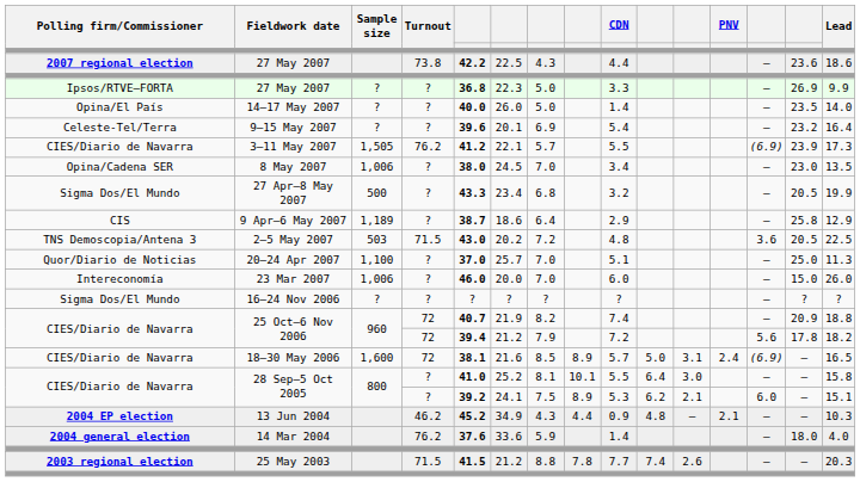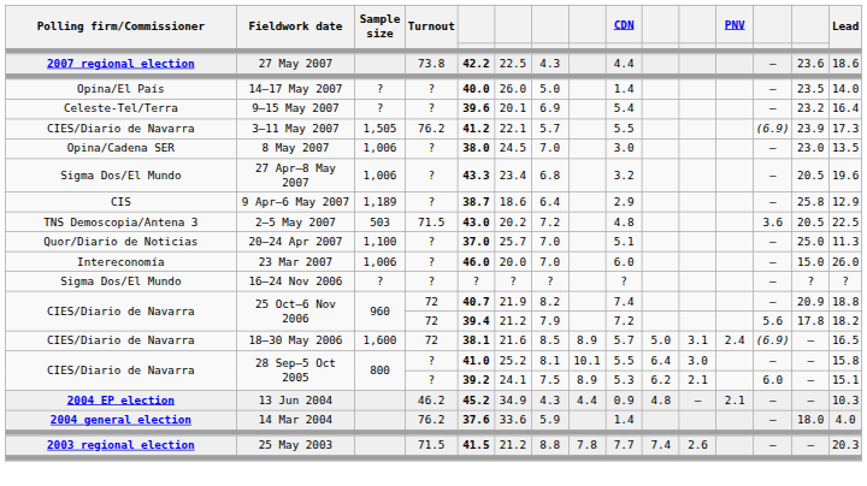 <table class="wikitable collapsible collapsed" style="text-align:center; font-size:95%; line-height:16px;">
 <tr style="height:42px;">
 <th style="width:250px;" rowspan="2">Polling firm/Commissioner</th>
 <th style="width:125px;" rowspan="2">Fieldwork date</th>
 <th style="width:50px;" rowspan="2">Sample size</th>
 <th style="width:45px;" rowspan="2">Turnout</th>
 <th style="width:35px;"></th>
 <th style="width:35px;"></th>
 <th style="width:35px;"></th>
 <th style="width:35px;"></th>
 <th style="width:35px;"><a href='#'>CDN</a></th>
 <th style="width:35px;"></th>
 <th style="width:35px;"></th>
 <th style="width:35px;"><a href='#'>PNV</a></th>
 <th style="width:35px;"><br></th>
 <th style="width:35px;"></th>
 <th style="width:30px;" rowspan="2">Lead</th>
 </tr>
 <tr>
 <th style="color:inherit;background:"></th>
 <th style="color:inherit;background:"></th>
 <th style="color:inherit;background:"></th>
 <th style="color:inherit;background:"></th>
 <th style="color:inherit;background:"></th>
 <th style="color:inherit;background:"></th>
 <th style="color:inherit;background:"></th>
 <th style="color:inherit;background:"></th>
 <th style="color:inherit;background:"></th>
 <th style="color:inherit;background:"></th>
 </tr>
 <tr>
 <td colspan="15" style="background:#A0A0A0"></td>
 </tr>
 <tr style="background:#EFEFEF;">
 <td><strong><a href='#'>2007 regional election</a></strong></td>
 <td>27 May 2007</td>
 <td></td>
 <td>73.8</td>
 <td><strong>42.2</strong><br></td>
 <td>22.5<br></td>
 <td>4.3<br></td>
 <td></td>
 <td>4.4<br></td>
 <td></td>
 <td></td>
 <td></td>
 <td>–</td>
 <td>23.6<br></td>
 <td style="background:">18.6</td>
 </tr>
 <tr>
 <td colspan="15" style="background:#A0A0A0"></td>
-</tr>
-<tr style="background:#EAFFEA;">
-<td>Ipsos/RTVE–FORTA</td>
-<td>27 May 2007</td>
-<td>?</td>
-<td>?</td>
-<td><strong>36.8</strong><br></td>
-<td>22.3<br></td>
-<td>5.0<br></td>
-<td></td>
-<td>3.3<br></td>
-<td></td>
-<td></td>
-<td></td>
-<td>–</td>
-<td>26.9<br></td>
-<td style="background:">9.9</td>
 </tr>
 <tr>
 <td>Opina/El País</td>
 <td>14–17 May 2007</td>
 <td>?</td>
 <td>?</td>
 <td><strong>40.0</strong><br></td>
 <td>26.0<br></td>
 <td>5.0<br></td>
 <td></td>
 <td>1.4<br></td>
 <td></td>
 <td></td>
 <td></td>
 <td>–</td>
 <td>23.5<br></td>
 <td style="background:">14.0</td>
 </tr>
 <tr>
 <td>Celeste-Tel/Terra</td>
 <td>9–15 May 2007</td>
 <td>?</td>
 <td>?</td>
 <td><strong>39.6</strong><br></td>
 <td>20.1<br></td>
 <td>6.9<br></td>
 <td></td>
 <td>5.4<br></td>
 <td></td>
 <td></td>
 <td></td>
 <td>–</td>
 <td>23.2<br></td>
 <td style="background:">16.4</td>
 </tr>
 <tr>
 <td>CIES/Diario de Navarra</td>
 <td>3–11 May 2007</td>
 <td>1,505</td>
 <td>76.2</td>
 <td><strong>41.2</strong><br></td>
 <td>22.1<br></td>
 <td>5.7<br></td>
 <td></td>
 <td>5.5<br></td>
 <td></td>
 <td></td>
 <td></td>
 <td><em>(6.9)</em></td>
 <td>23.9<br></td>
 <td style="background:">17.3</td>
 </tr>
 <tr>
 <td>Opina/Cadena SER</td>
 <td>8 May 2007</td>
 <td>1,006</td>
 <td>?</td>
 <td><strong>38.0</strong><br></td>
 <td>24.5<br></td>
 <td>7.0<br></td>
 <td></td>
-<td>3.4<br></td>
+<td>3.0<br></td>
 <td></td>
 <td></td>
 <td></td>
 <td>–</td>
 <td>23.0<br></td>
 <td style="background:">13.5</td>
 </tr>
 <tr>
 <td>Sigma Dos/El Mundo</td>
 <td>27 Apr–8 May 2007</td>
-<td>500</td>
+<td>1,006</td>
 <td>?</td>
 <td><strong>43.3</strong><br></td>
 <td>23.4<br></td>
 <td>6.8<br></td>
 <td></td>
 <td>3.2<br></td>
 <td></td>
 <td></td>
 <td></td>
 <td>–</td>
 <td>20.5<br></td>
-<td style="background:">19.9</td>
+<td style="background:">19.6</td>
 </tr>
 <tr>
 <td>CIS</td>
 <td>9 Apr–6 May 2007</td>
 <td>1,189</td>
 <td>?</td>
 <td><strong>38.7</strong><br></td>
 <td>18.6<br></td>
 <td>6.4<br></td>
 <td></td>
 <td>2.9<br></td>
 <td></td>
 <td></td>
 <td></td>
 <td>–</td>
 <td>25.8<br></td>
 <td style="background:">12.9</td>
 </tr>
 <tr>
 <td>TNS Demoscopia/Antena 3</td>
 <td>2–5 May 2007</td>
 <td>503</td>
 <td>71.5</td>
 <td><strong>43.0</strong><br></td>
 <td>20.2<br></td>
 <td>7.2<br></td>
 <td></td>
 <td>4.8<br></td>
 <td></td>
 <td></td>
 <td></td>
 <td>3.6<br></td>
 <td>20.5<br></td>
 <td style="background:">22.5</td>
 </tr>
 <tr>
 <td>Quor/Diario de Noticias</td>
 <td>20–24 Apr 2007</td>
 <td>1,100</td>
 <td>?</td>
 <td><strong>37.0</strong><br></td>
 <td>25.7<br></td>
 <td>7.0<br></td>
 <td></td>
 <td>5.1<br></td>
 <td></td>
 <td></td>
 <td></td>
 <td>–</td>
 <td>25.0<br></td>
 <td style="background:">11.3</td>
 </tr>
 <tr>
 <td>Intereconomía</td>
 <td>23 Mar 2007</td>
 <td>1,006</td>
 <td>?</td>
 <td><strong>46.0</strong><br></td>
 <td>20.0<br></td>
 <td>7.0<br></td>
 <td></td>
 <td>6.0<br></td>
 <td></td>
 <td></td>
 <td></td>
 <td>–</td>
 <td>15.0<br></td>
 <td style="background:">26.0</td>
 </tr>
 <tr>
 <td>Sigma Dos/El Mundo</td>
 <td>16–24 Nov 2006</td>
 <td>?</td>
 <td>?</td>
 <td>?<br></td>
 <td>?<br></td>
 <td>?<br></td>
 <td></td>
 <td>?<br></td>
 <td></td>
 <td></td>
 <td></td>
 <td>–</td>
 <td>?<br></td>
 <td style="background:">?</td>
 </tr>
 <tr>
 <td rowspan="2">CIES/Diario de Navarra</td>
 <td rowspan="2">25 Oct–6 Nov 2006</td>
 <td rowspan="2">960</td>
 <td>72</td>
 <td><strong>40.7</strong><br></td>
 <td>21.9<br></td>
 <td>8.2<br></td>
 <td></td>
 <td>7.4<br></td>
 <td></td>
 <td></td>
 <td></td>
 <td>–</td>
 <td>20.9<br></td>
 <td style="background:">18.8</td>
 </tr>
 <tr>
 <td>72</td>
 <td><strong>39.4</strong><br></td>
 <td>21.2<br></td>
 <td>7.9<br></td>
 <td></td>
 <td>7.2<br></td>
 <td></td>
 <td></td>
 <td></td>
 <td>5.6<br></td>
 <td>17.8<br></td>
 <td style="background:">18.2</td>
 </tr>
 <tr>
 <td>CIES/Diario de Navarra</td>
 <td>18–30 May 2006</td>
 <td>1,600</td>
 <td>72</td>
 <td><strong>38.1</strong><br></td>
 <td>21.6<br></td>
 <td>8.5<br></td>
 <td>8.9<br></td>
 <td>5.7<br></td>
 <td>5.0<br></td>
 <td>3.1<br></td>
 <td>2.4<br></td>
 <td><em>(6.9)</em></td>
 <td>–</td>
 <td style="background:">16.5</td>
 </tr>
 <tr>
 <td rowspan="2">CIES/Diario de Navarra</td>
 <td rowspan="2">28 Sep–5 Oct 2005</td>
 <td rowspan="2">800</td>
 <td>?</td>
 <td><strong>41.0</strong><br></td>
 <td>25.2<br></td>
 <td>8.1<br></td>
 <td>10.1<br></td>
 <td>5.5<br></td>
 <td>6.4<br></td>
 <td>3.0<br></td>
 <td></td>
 <td>–</td>
 <td>–</td>
 <td style="background:">15.8</td>
 </tr>
 <tr>
 <td>?</td>
 <td><strong>39.2</strong><br></td>
 <td>24.1<br></td>
 <td>7.5<br></td>
 <td>8.9<br></td>
 <td>5.3<br></td>
 <td>6.2<br></td>
 <td>2.1<br></td>
 <td></td>
 <td>6.0<br></td>
 <td>–</td>
 <td style="background:">15.1</td>
 </tr>
 <tr style="background:#EFEFEF;">
 <td><strong><a href='#'>2004 EP election</a></strong></td>
 <td>13 Jun 2004</td>
 <td></td>
 <td>46.2</td>
 <td><strong>45.2</strong><br></td>
 <td>34.9<br></td>
 <td>4.3<br></td>
 <td>4.4<br></td>
 <td>0.9<br></td>
 <td>4.8<br></td>
 <td>–</td>
 <td>2.1<br></td>
 <td>–</td>
 <td>–</td>
 <td style="background:">10.3</td>
 </tr>
 <tr style="background:#EFEFEF;">
 <td><strong><a href='#'>2004 general election</a></strong></td>
 <td>14 Mar 2004</td>
 <td></td>
 <td>76.2</td>
 <td><strong>37.6</strong><br></td>
 <td>33.6<br></td>
 <td>5.9<br></td>
 <td></td>
 <td>1.4<br></td>
 <td></td>
 <td></td>
 <td></td>
 <td>–</td>
 <td>18.0<br></td>
 <td style="background:">4.0</td>
 </tr>
 <tr>
 <td colspan="15" style="background:#A0A0A0"></td>
 </tr>
 <tr style="background:#EFEFEF;">
 <td><strong><a href='#'>2003 regional election</a></strong></td>
 <td>25 May 2003</td>
 <td></td>
 <td>71.5</td>
 <td><strong>41.5</strong><br></td>
 <td>21.2<br></td>
 <td>8.8<br></td>
 <td>7.8<br></td>
 <td>7.7<br></td>
 <td>7.4<br></td>
 <td>2.6<br></td>
 <td></td>
 <td>–</td>
 <td>–</td>
 <td style="background:">20.3</td>
 </tr>
 <tr>
 <td colspan="15" style="background:#A0A0A0"></td>
 </tr>
 </table>
